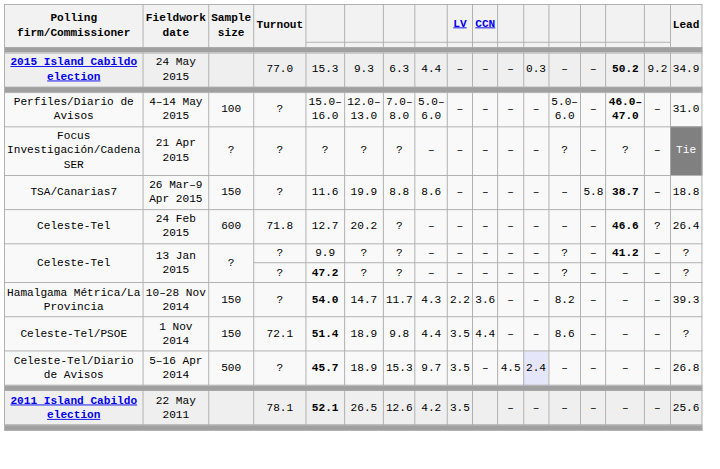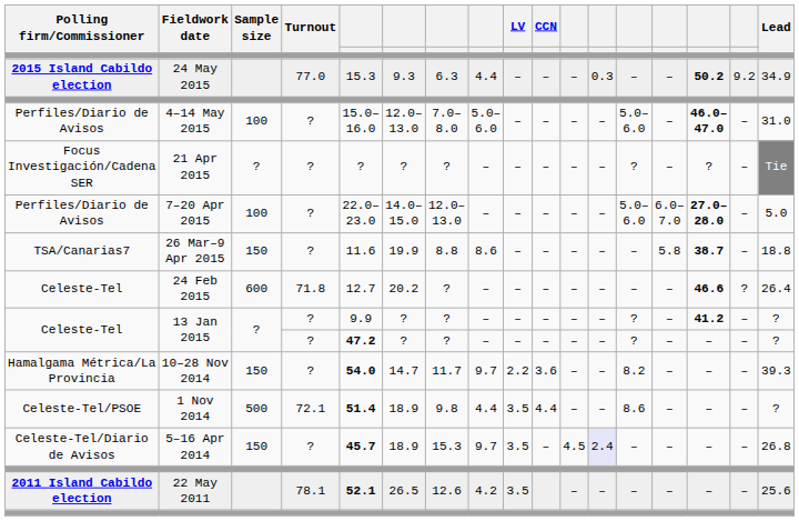 <table class="wikitable collapsible collapsed" style="text-align:center; font-size:95%; line-height:16px;">
 <tr style="height:42px;">
 <th style="width:250px;" rowspan="2">Polling firm/Commissioner</th>
 <th style="width:125px;" rowspan="2">Fieldwork date</th>
 <th style="width:50px;" rowspan="2">Sample size</th>
 <th style="width:45px;" rowspan="2">Turnout</th>
 <th style="width:35px;"></th>
 <th style="width:35px;"></th>
 <th style="width:35px;"></th>
 <th style="width:35px;"></th>
 <th style="width:35px;"><a href='#'>LV</a></th>
 <th style="width:35px;"><a href='#'>CCN</a></th>
 <th style="width:35px;"></th>
 <th style="width:35px;"></th>
 <th style="width:35px;"></th>
 <th style="width:35px;"></th>
 <th style="width:35px;"></th>
 <th style="width:35px;"></th>
 <th style="width:30px;" rowspan="2">Lead</th>
 </tr>
 <tr>
 <th style="color:inherit;background:"></th>
 <th style="color:inherit;background:"></th>
 <th style="color:inherit;background:"></th>
 <th style="color:inherit;background:"></th>
 <th style="color:inherit;background:"></th>
 <th style="color:inherit;background:"></th>
 <th style="color:inherit;background:"></th>
 <th style="color:inherit;background:"></th>
 <th style="color:inherit;background:"></th>
 <th style="color:inherit;background:"></th>
 <th style="color:inherit;background:"></th>
 <th style="color:inherit;background:"></th>
 </tr>
 <tr>
 <td colspan="17" style="background:#A0A0A0"></td>
 </tr>
 <tr style="background:#EFEFEF;">
 <td><strong><a href='#'>2015 Island Cabildo election</a></strong></td>
 <td>24 May 2015</td>
 <td></td>
 <td>77.0</td>
 <td>15.3<br></td>
 <td>9.3<br></td>
 <td>6.3<br></td>
 <td>4.4<br></td>
 <td>–</td>
 <td>–</td>
 <td>–</td>
 <td>0.3<br></td>
 <td>–</td>
 <td>–</td>
 <td><strong>50.2</strong><br></td>
 <td>9.2<br></td>
 <td style="background:">34.9</td>
 </tr>
 <tr>
 <td colspan="17" style="background:#A0A0A0"></td>
 </tr>
 <tr>
 <td>Perfiles/Diario de Avisos</td>
 <td>4–14 May 2015</td>
 <td>100</td>
 <td>?</td>
 <td>15.0–<br>16.0<br></td>
 <td>12.0–<br>13.0<br></td>
 <td>7.0–<br>8.0<br></td>
 <td>5.0–<br>6.0<br></td>
 <td>–</td>
 <td>–</td>
 <td>–</td>
 <td>–</td>
 <td>5.0–<br>6.0<br></td>
 <td>–</td>
 <td><strong>46.0–<br>47.0</strong><br></td>
 <td>–</td>
 <td style="background:">31.0</td>
 </tr>
 <tr>
 <td>Focus Investigación/Cadena SER</td>
 <td>21 Apr 2015</td>
 <td>?</td>
 <td>?</td>
 <td>?<br></td>
 <td>?<br></td>
 <td>?<br></td>
 <td>–</td>
 <td>–</td>
 <td>–</td>
 <td>–</td>
 <td>–</td>
 <td>?<br></td>
 <td>–</td>
 <td>?<br></td>
 <td>–</td>
 <td style="background:gray; color:white;">Tie</td>
 </tr>
 <tr>
+<td>Perfiles/Diario de Avisos</td>
+<td>7–20 Apr 2015</td>
+<td>100</td>
+<td>?</td>
+<td>22.0–<br>23.0<br></td>
+<td>14.0–<br>15.0<br></td>
+<td>12.0–<br>13.0<br></td>
+<td>–</td>
+<td>–</td>
+<td>–</td>
+<td>–</td>
+<td>–</td>
+<td>5.0–<br>6.0<br></td>
+<td>6.0–<br>7.0<br></td>
+<td><strong>27.0–<br>28.0</strong><br></td>
+<td>–</td>
+<td style="background:">5.0</td>
+</tr>
+<tr>
 <td>TSA/Canarias7</td>
 <td>26 Mar–9 Apr 2015</td>
 <td>150</td>
 <td>?</td>
 <td>11.6<br></td>
 <td>19.9<br></td>
 <td>8.8<br></td>
 <td>8.6<br></td>
 <td>–</td>
 <td>–</td>
 <td>–</td>
 <td>–</td>
 <td>–</td>
 <td>5.8<br></td>
 <td><strong>38.7</strong><br></td>
 <td>–</td>
 <td style="background:">18.8</td>
 </tr>
 <tr>
 <td>Celeste-Tel</td>
 <td>24 Feb 2015</td>
 <td>600</td>
 <td>71.8</td>
 <td>12.7<br></td>
 <td>20.2<br></td>
 <td>?<br></td>
 <td>–</td>
 <td>–</td>
 <td>–</td>
 <td>–</td>
 <td>–</td>
 <td>–</td>
 <td>–</td>
 <td><strong>46.6</strong><br></td>
 <td>?<br></td>
 <td style="background:">26.4</td>
 </tr>
 <tr>
 <td rowspan="2">Celeste-Tel</td>
 <td rowspan="2">13 Jan 2015</td>
 <td rowspan="2">?</td>
 <td>?</td>
 <td>9.9<br></td>
 <td>?<br></td>
 <td>?<br></td>
 <td>–</td>
 <td>–</td>
 <td>–</td>
 <td>–</td>
 <td>–</td>
 <td>?<br></td>
 <td>–</td>
 <td><strong>41.2</strong><br></td>
 <td>–</td>
 <td style="background:">?</td>
 </tr>
 <tr>
 <td>?</td>
 <td><strong>47.2</strong><br></td>
 <td>?<br></td>
 <td>?<br></td>
 <td>–</td>
 <td>–</td>
 <td>–</td>
 <td>–</td>
 <td>–</td>
 <td>?<br></td>
 <td>–</td>
 <td>–</td>
 <td>–</td>
 <td style="background:">?</td>
 </tr>
 <tr>
 <td>Hamalgama Métrica/La Provincia</td>
 <td>10–28 Nov 2014</td>
 <td>150</td>
 <td>?</td>
 <td><strong>54.0</strong><br></td>
 <td>14.7<br></td>
 <td>11.7<br></td>
-<td>4.3<br></td>
+<td>9.7<br></td>
 <td>2.2<br></td>
 <td>3.6<br></td>
 <td>–</td>
 <td>–</td>
 <td>8.2<br></td>
 <td>–</td>
 <td>–</td>
 <td>–</td>
 <td style="background:">39.3</td>
 </tr>
 <tr>
 <td>Celeste-Tel/PSOE</td>
 <td>1 Nov 2014</td>
-<td>150</td>
+<td>500</td>
 <td>72.1</td>
 <td><strong>51.4</strong><br></td>
 <td>18.9<br></td>
 <td>9.8<br></td>
 <td>4.4<br></td>
 <td>3.5<br></td>
 <td>4.4<br></td>
 <td>–</td>
 <td>–</td>
 <td>8.6<br></td>
 <td>–</td>
 <td>–</td>
 <td>–</td>
 <td style="background:">?</td>
 </tr>
 <tr>
 <td>Celeste-Tel/Diario de Avisos</td>
 <td>5–16 Apr 2014</td>
-<td>500</td>
+<td>150</td>
 <td>?</td>
 <td><strong>45.7</strong><br></td>
 <td>18.9<br></td>
 <td>15.3<br></td>
 <td>9.7<br></td>
 <td>3.5<br></td>
 <td>–</td>
 <td>4.5<br></td>
 <td style="background: lavender;">2.4<br></td>
 <td>–</td>
 <td>–</td>
 <td>–</td>
 <td>–</td>
 <td style="background:">26.8</td>
 </tr>
 <tr>
 <td colspan="17" style="background:#A0A0A0"></td>
 </tr>
 <tr style="background:#EFEFEF;">
 <td><strong><a href='#'>2011 Island Cabildo election</a></strong></td>
 <td>22 May 2011</td>
 <td></td>
 <td>78.1</td>
 <td><strong>52.1</strong><br></td>
 <td>26.5<br></td>
 <td>12.6<br></td>
 <td>4.2<br></td>
 <td>3.5<br></td>
 <td></td>
 <td>–</td>
 <td>–</td>
 <td>–</td>
 <td>–</td>
 <td>–</td>
 <td>–</td>
 <td style="background:">25.6</td>
 </tr>
 <tr>
 <td colspan="17" style="background:#A0A0A0"></td>
 </tr>
 </table>
